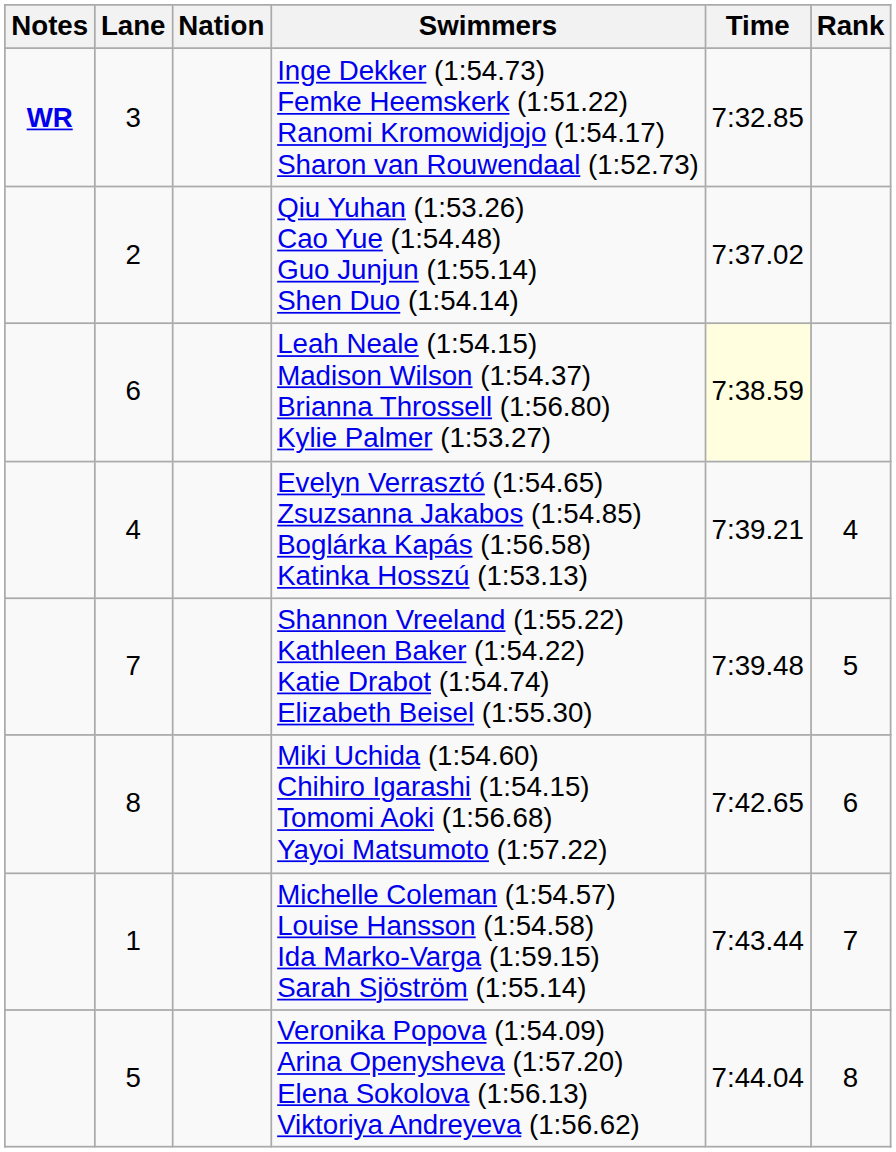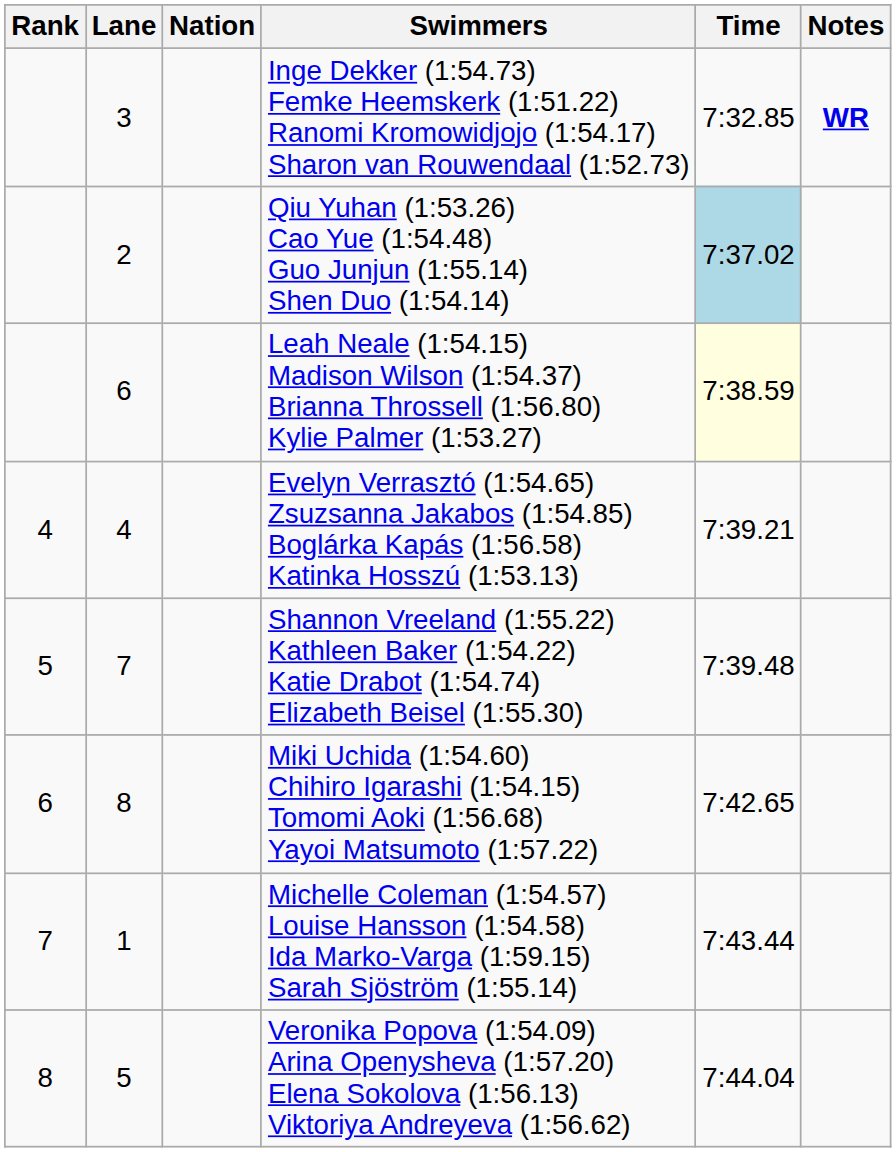 <table class="wikitable sortable" style="text-align:center">
 <tr>
-<th>Notes</th>
+<th>Rank</th>
 <th>Lane</th>
 <th>Nation</th>
 <th>Swimmers</th>
 <th>Time</th>
-<th>Rank</th>
+<th>Notes</th>
 </tr>
 <tr>
-<td><strong><a href='#'>WR</a></strong></td>
+<td></td>
 <td>3</td>
 <td align=left></td>
 <td align=left><a href='#'>Inge Dekker</a> (1:54.73)<br><a href='#'>Femke Heemskerk</a> (1:51.22)<br><a href='#'>Ranomi Kromowidjojo</a> (1:54.17)<br><a href='#'>Sharon van Rouwendaal</a> (1:52.73)</td>
 <td>7:32.85</td>
-<td></td>
+<td><strong><a href='#'>WR</a></strong></td>
 </tr>
 <tr>
 <td></td>
 <td>2</td>
 <td align=left></td>
 <td align=left><a href='#'>Qiu Yuhan</a> (1:53.26)<br><a href='#'>Cao Yue</a> (1:54.48)<br><a href='#'>Guo Junjun</a> (1:55.14)<br><a href='#'>Shen Duo</a> (1:54.14)</td>
-<td>7:37.02</td>
+<td style="background: lightblue;">7:37.02</td>
 <td></td>
 </tr>
 <tr>
 <td></td>
 <td>6</td>
 <td align=left></td>
 <td align=left><a href='#'>Leah Neale</a> (1:54.15)<br><a href='#'>Madison Wilson</a> (1:54.37)<br><a href='#'>Brianna Throssell</a> (1:56.80)<br><a href='#'>Kylie Palmer</a> (1:53.27)</td>
 <td style="background: lightyellow;">7:38.59</td>
 <td></td>
 </tr>
 <tr>
-<td></td>
+<td>4</td>
 <td>4</td>
 <td align=left></td>
 <td align=left><a href='#'>Evelyn Verrasztó</a> (1:54.65)<br><a href='#'>Zsuzsanna Jakabos</a> (1:54.85)<br><a href='#'>Boglárka Kapás</a> (1:56.58)<br><a href='#'>Katinka Hosszú</a> (1:53.13)</td>
 <td>7:39.21</td>
-<td>4</td>
+<td></td>
 </tr>
 <tr>
-<td></td>
+<td>5</td>
 <td>7</td>
 <td align=left></td>
 <td align=left><a href='#'>Shannon Vreeland</a> (1:55.22)<br><a href='#'>Kathleen Baker</a> (1:54.22)<br><a href='#'>Katie Drabot</a> (1:54.74)<br><a href='#'>Elizabeth Beisel</a> (1:55.30)</td>
 <td>7:39.48</td>
-<td>5</td>
+<td></td>
 </tr>
 <tr>
-<td></td>
+<td>6</td>
 <td>8</td>
 <td align=left></td>
 <td align=left><a href='#'>Miki Uchida</a> (1:54.60)<br><a href='#'>Chihiro Igarashi</a> (1:54.15)<br><a href='#'>Tomomi Aoki</a> (1:56.68)<br><a href='#'>Yayoi Matsumoto</a> (1:57.22)</td>
 <td>7:42.65</td>
-<td>6</td>
+<td></td>
 </tr>
 <tr>
-<td></td>
+<td>7</td>
 <td>1</td>
 <td align=left></td>
 <td align=left><a href='#'>Michelle Coleman</a> (1:54.57)<br><a href='#'>Louise Hansson</a> (1:54.58)<br><a href='#'>Ida Marko-Varga</a> (1:59.15)<br><a href='#'>Sarah Sjöström</a> (1:55.14)</td>
 <td>7:43.44</td>
-<td>7</td>
+<td></td>
 </tr>
 <tr>
-<td></td>
+<td>8</td>
 <td>5</td>
 <td align=left></td>
 <td align=left><a href='#'>Veronika Popova</a> (1:54.09)<br><a href='#'>Arina Openysheva</a> (1:57.20)<br><a href='#'>Elena Sokolova</a> (1:56.13)<br><a href='#'>Viktoriya Andreyeva</a> (1:56.62)</td>
 <td>7:44.04</td>
-<td>8</td>
+<td></td>
 </tr>
 </table>
